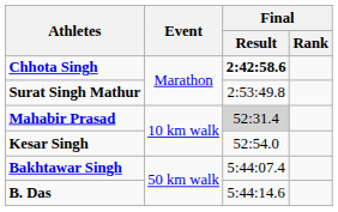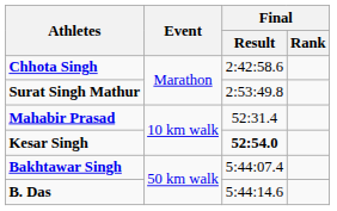 <table class="wikitable" style="text-align:center; font-size:90%">
 <tr>
 <th rowspan=2>Athletes</th>
 <th rowspan=2>Event</th>
 <th colspan=2>Final</th>
 </tr>
 <tr>
 <th>Result</th>
 <th>Rank</th>
 </tr>
 <tr>
 <td style="text-align:left"><strong><a href='#'>Chhota Singh</a></strong></td>
 <td rowspan="2"><a href='#'>Marathon</a></td>
-<td><strong>2:42:58.6</strong></td>
+<td>2:42:58.6</td>
 <td></td>
 </tr>
 <tr>
 <td style="text-align:left"><strong>Surat Singh Mathur</strong></td>
 <td>2:53:49.8</td>
 <td></td>
 </tr>
 <tr>
 <td style="text-align:left"><strong><a href='#'>Mahabir Prasad</a></strong></td>
 <td rowspan="2"><a href='#'>10 km walk</a></td>
-<td style="background: lightgrey;">52:31.4</td>
+<td>52:31.4</td>
 <td></td>
 </tr>
 <tr>
 <td style="text-align:left"><strong>Kesar Singh</strong></td>
-<td>52:54.0</td>
+<td><strong>52:54.0</strong></td>
 <td></td>
 </tr>
 <tr>
 <td style="text-align:left"><strong><a href='#'>Bakhtawar Singh</a></strong></td>
 <td rowspan="2"><a href='#'>50 km walk</a></td>
 <td>5:44:07.4</td>
 <td></td>
 </tr>
 <tr>
 <td style="text-align:left"><strong>B. Das</strong></td>
 <td>5:44:14.6</td>
 <td></td>
 </tr>
 </table>
